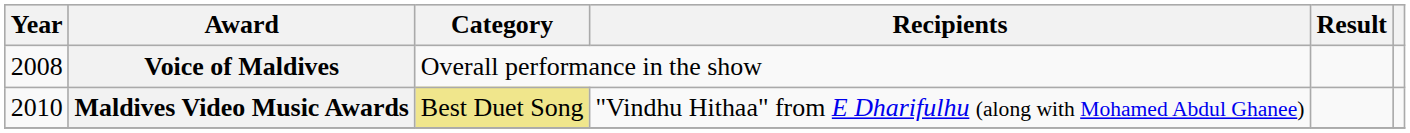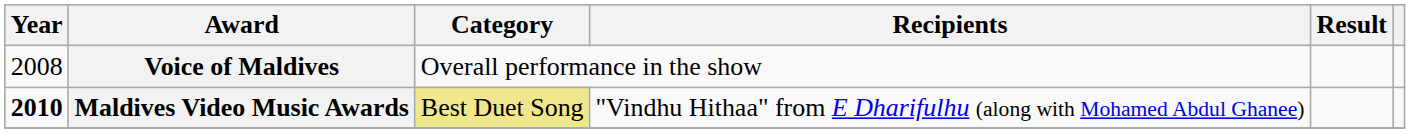 <table class="wikitable plainrowheaders sortable">
 <tr>
 <th scope="col">Year</th>
 <th scope="col">Award</th>
 <th scope="col">Category</th>
 <th scope="col">Recipients</th>
 <th scope="col">Result</th>
 <th scope="col" class="unsortable"></th>
 </tr>
 <tr>
 <td>2008</td>
 <th scope="row">Voice of Maldives</th>
 <td colspan="2">Overall performance in the show</td>
 <td></td>
 <td style="text-align:center;"></td>
 </tr>
 <tr>
-<td>2010</td>
+<td><strong>2010</strong></td>
 <th scope="row">Maldives Video Music Awards</th>
 <td style="background: khaki;">Best Duet Song</td>
 <td>"Vindhu Hithaa" from <em><a href='#'>E Dharifulhu</a></em> <small>(along with <a href='#'>Mohamed Abdul Ghanee</a>)</small></td>
 <td></td>
 <td style="text-align:center;"></td>
 </tr>
 <tr>
 </tr>
 </table>
